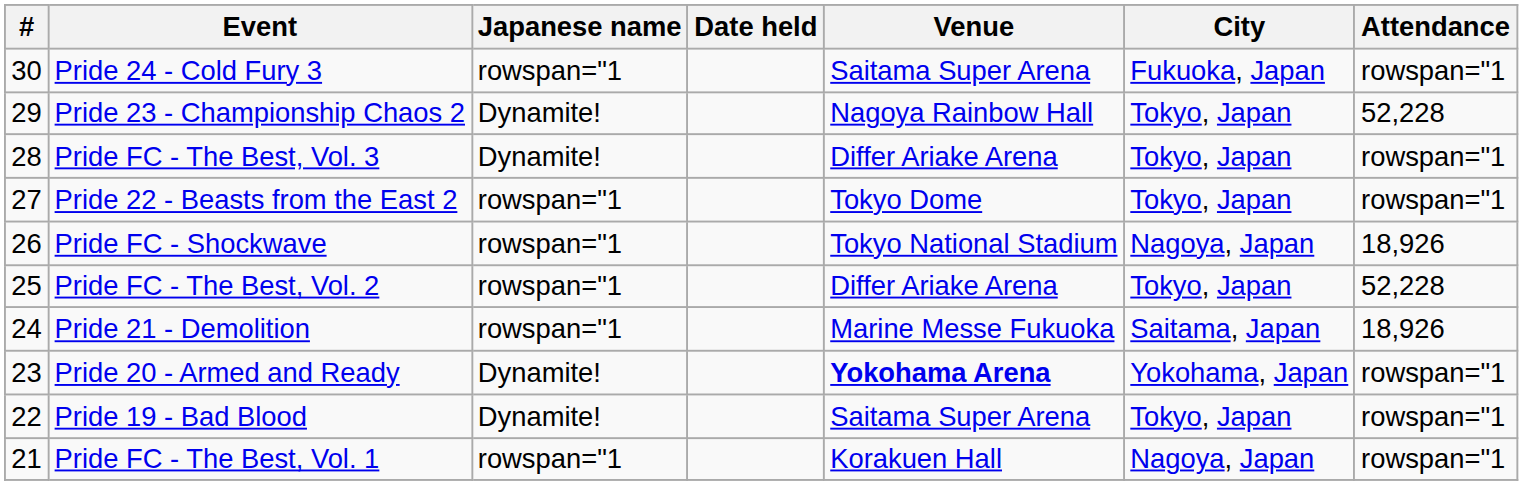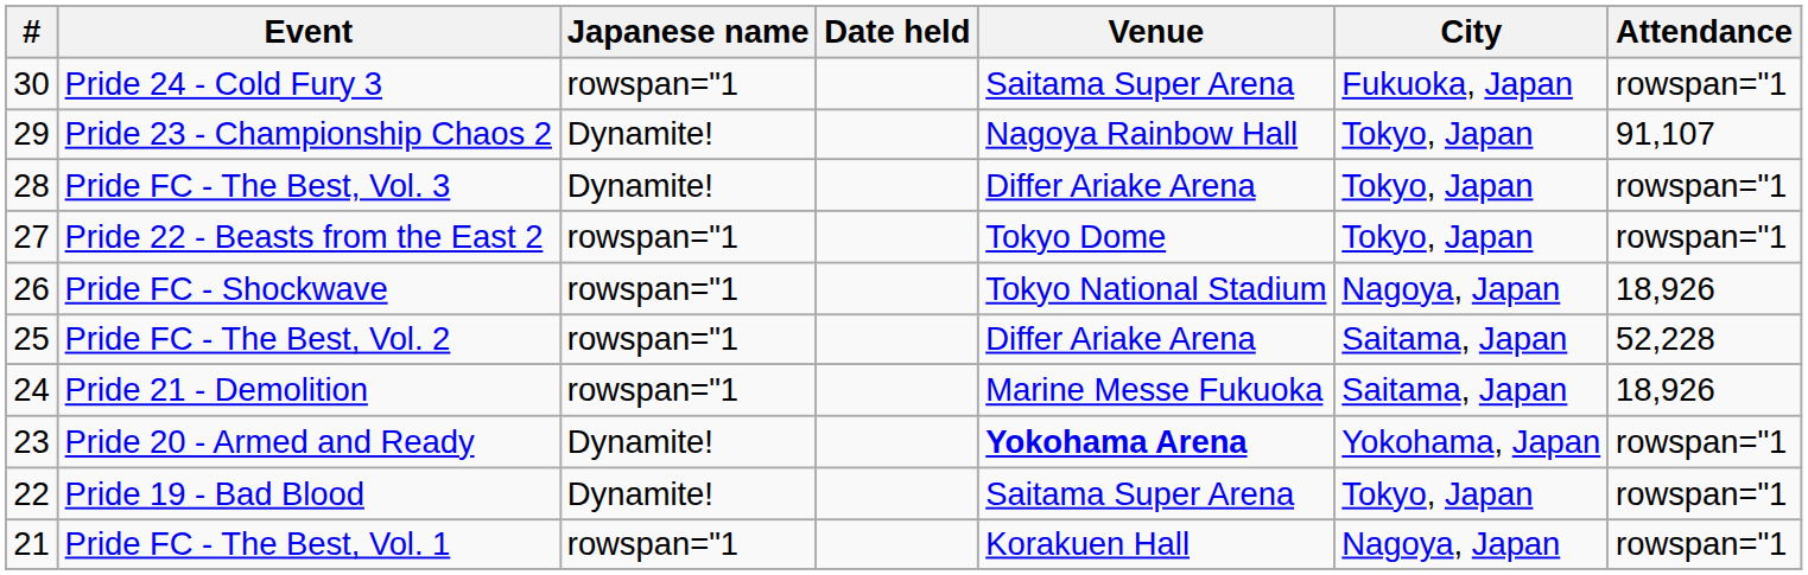 <table class="sortable wikitable succession-box" style="font-size:90%;">
 <tr>
 <th>#</th>
 <th>Event</th>
 <th>Japanese name</th>
 <th>Date held</th>
 <th>Venue</th>
 <th>City</th>
 <th>Attendance</th>
 </tr>
 <tr>
 <td style="text-align:center">30</td>
 <td><a href='#'>Pride 24 - Cold Fury 3</a></td>
 <td>rowspan="1 </td>
 <td></td>
 <td><a href='#'>Saitama Super Arena</a></td>
 <td><a href='#'>Fukuoka</a>, <a href='#'>Japan</a></td>
 <td>rowspan="1 </td>
 </tr>
 <tr>
 <td style="text-align:center">29</td>
 <td><a href='#'>Pride 23 - Championship Chaos 2</a></td>
 <td>Dynamite!</td>
 <td></td>
 <td><a href='#'>Nagoya Rainbow Hall</a></td>
 <td><a href='#'>Tokyo</a>, <a href='#'>Japan</a></td>
-<td>52,228</td>
+<td>91,107</td>
 </tr>
 <tr>
 <td style="text-align:center">28</td>
 <td><a href='#'>Pride FC - The Best, Vol. 3</a></td>
 <td>Dynamite!</td>
 <td></td>
 <td><a href='#'>Differ Ariake Arena</a></td>
 <td><a href='#'>Tokyo</a>, <a href='#'>Japan</a></td>
 <td>rowspan="1 </td>
 </tr>
 <tr>
 <td style="text-align:center">27</td>
 <td><a href='#'>Pride 22 - Beasts from the East 2</a></td>
 <td>rowspan="1 </td>
 <td></td>
 <td><a href='#'>Tokyo Dome</a></td>
 <td><a href='#'>Tokyo</a>, <a href='#'>Japan</a></td>
 <td>rowspan="1 </td>
 </tr>
 <tr>
 <td style="text-align:center">26</td>
 <td><a href='#'>Pride FC - Shockwave</a></td>
 <td>rowspan="1 </td>
 <td></td>
 <td><a href='#'>Tokyo National Stadium</a></td>
 <td><a href='#'>Nagoya</a>, <a href='#'>Japan</a></td>
 <td>18,926</td>
 </tr>
 <tr>
 <td style="text-align:center">25</td>
 <td><a href='#'>Pride FC - The Best, Vol. 2</a></td>
 <td>rowspan="1 </td>
 <td></td>
 <td><a href='#'>Differ Ariake Arena</a></td>
-<td><a href='#'>Tokyo</a>, <a href='#'>Japan</a></td>
+<td><a href='#'>Saitama</a>, <a href='#'>Japan</a></td>
 <td>52,228</td>
 </tr>
 <tr>
 <td style="text-align:center">24</td>
 <td><a href='#'>Pride 21 - Demolition</a></td>
 <td>rowspan="1 </td>
 <td></td>
 <td><a href='#'>Marine Messe Fukuoka</a></td>
 <td><a href='#'>Saitama</a>, <a href='#'>Japan</a></td>
 <td>18,926</td>
 </tr>
 <tr>
 <td style="text-align:center">23</td>
 <td><a href='#'>Pride 20 - Armed and Ready</a></td>
 <td>Dynamite!</td>
 <td></td>
 <td><strong><a href='#'>Yokohama Arena</a></strong></td>
 <td><a href='#'>Yokohama</a>, <a href='#'>Japan</a></td>
 <td>rowspan="1 </td>
 </tr>
 <tr>
 <td style="text-align:center">22</td>
 <td><a href='#'>Pride 19 - Bad Blood</a></td>
 <td>Dynamite!</td>
 <td></td>
 <td><a href='#'>Saitama Super Arena</a></td>
 <td><a href='#'>Tokyo</a>, <a href='#'>Japan</a></td>
 <td>rowspan="1 </td>
 </tr>
 <tr>
 <td style="text-align:center">21</td>
 <td><a href='#'>Pride FC - The Best, Vol. 1</a></td>
 <td>rowspan="1 </td>
 <td></td>
 <td><a href='#'>Korakuen Hall</a></td>
 <td><a href='#'>Nagoya</a>, <a href='#'>Japan</a></td>
 <td>rowspan="1 </td>
 </tr>
 </table>
